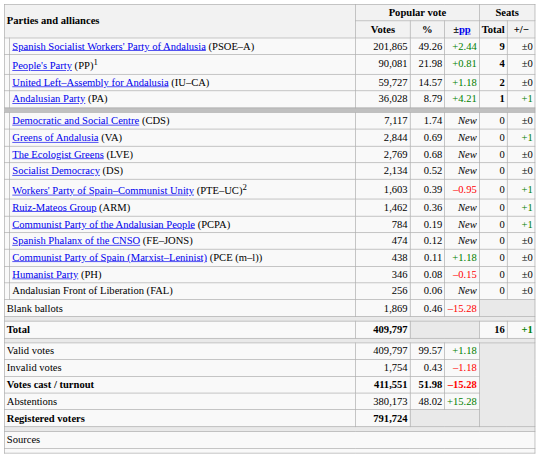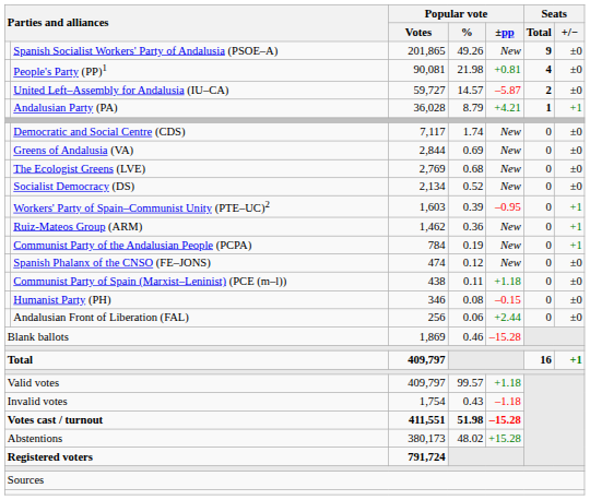 <table class="wikitable" style="text-align:right;">
 <tr>
 <th style="text-align:left;" rowspan="2" colspan="2" width="525">Parties and alliances</th>
 <th colspan="3">Popular vote</th>
 <th colspan="2">Seats</th>
 </tr>
 <tr>
 <th width="75">Votes</th>
 <th width="45">%</th>
 <th width="45">±<a href='#'>pp</a></th>
 <th width="35">Total</th>
 <th width="35">+/−</th>
 </tr>
 <tr>
 <td width="1" style="color:inherit;background:"></td>
 <td align="left"><a href='#'>Spanish Socialist Workers' Party of Andalusia</a> (PSOE–A)</td>
 <td>201,865</td>
 <td>49.26</td>
-<td style="color:green;">+2.44</td>
+<td><em>New</em></td>
 <td><strong>9</strong></td>
 <td>±0</td>
 </tr>
 <tr>
 <td style="color:inherit;background:"></td>
 <td align="left"><a href='#'>People's Party</a> (PP)<sup>1</sup></td>
 <td>90,081</td>
 <td>21.98</td>
 <td style="color:green;">+0.81</td>
 <td><strong>4</strong></td>
 <td>±0</td>
 </tr>
 <tr>
 <td style="color:inherit;background:"></td>
 <td align="left"><a href='#'>United Left–Assembly for Andalusia</a> (IU–CA)</td>
 <td>59,727</td>
 <td>14.57</td>
-<td style="color:green;">+1.18</td>
+<td style="color:red;">–5.87</td>
 <td><strong>2</strong></td>
 <td>±0</td>
 </tr>
 <tr>
 <td style="color:inherit;background:"></td>
 <td align="left"><a href='#'>Andalusian Party</a> (PA)</td>
 <td>36,028</td>
 <td>8.79</td>
 <td style="color:green;">+4.21</td>
 <td><strong>1</strong></td>
 <td style="color:green;">+1</td>
 </tr>
 <tr>
 <td colspan="7" bgcolor="#C0C0C0"></td>
 </tr>
 <tr>
 <td style="color:inherit;background:"></td>
 <td align="left"><a href='#'>Democratic and Social Centre</a> (CDS)</td>
 <td>7,117</td>
 <td>1.74</td>
 <td><em>New</em></td>
 <td>0</td>
 <td>±0</td>
 </tr>
 <tr>
 <td style="color:inherit;background:"></td>
 <td align="left"><a href='#'>Greens of Andalusia</a> (VA)</td>
 <td>2,844</td>
 <td>0.69</td>
 <td><em>New</em></td>
 <td>0</td>
-<td style="color:green;">+1</td>
+<td>±0</td>
 </tr>
 <tr>
 <td style="color:inherit;background:"></td>
 <td align="left"><a href='#'>The Ecologist Greens</a> (LVE)</td>
 <td>2,769</td>
 <td>0.68</td>
 <td><em>New</em></td>
 <td>0</td>
 <td>±0</td>
 </tr>
 <tr>
 <td style="color:inherit;background:"></td>
 <td align="left"><a href='#'>Socialist Democracy</a> (DS)</td>
 <td>2,134</td>
 <td>0.52</td>
 <td><em>New</em></td>
 <td>0</td>
 <td>±0</td>
 </tr>
 <tr>
 <td style="color:inherit;background:"></td>
 <td align="left"><a href='#'>Workers' Party of Spain–Communist Unity</a> (PTE–UC)<sup>2</sup></td>
 <td>1,603</td>
 <td>0.39</td>
 <td style="color:red;">–0.95</td>
 <td>0</td>
 <td style="color:green;">+1</td>
 </tr>
 <tr>
 <td style="color:inherit;background:"></td>
 <td align="left"><a href='#'>Ruiz-Mateos Group</a> (ARM)</td>
 <td>1,462</td>
 <td>0.36</td>
 <td><em>New</em></td>
 <td>0</td>
 <td style="color:green;">+1</td>
 </tr>
 <tr>
 <td style="color:inherit;background:"></td>
 <td align="left"><a href='#'>Communist Party of the Andalusian People</a> (PCPA)</td>
 <td>784</td>
 <td>0.19</td>
 <td><em>New</em></td>
 <td>0</td>
 <td style="color:green;">+1</td>
 </tr>
 <tr>
 <td style="color:inherit;background:"></td>
 <td align="left"><a href='#'>Spanish Phalanx of the CNSO</a> (FE–JONS)</td>
 <td>474</td>
 <td>0.12</td>
 <td><em>New</em></td>
 <td>0</td>
 <td>±0</td>
 </tr>
 <tr>
 <td style="color:inherit;background:"></td>
 <td align="left"><a href='#'>Communist Party of Spain (Marxist–Leninist)</a> (PCE (m–l))</td>
 <td>438</td>
 <td>0.11</td>
 <td style="color:green;">+1.18</td>
 <td>0</td>
 <td>±0</td>
 </tr>
 <tr>
 <td style="color:inherit;background:"></td>
 <td align="left"><a href='#'>Humanist Party</a> (PH)</td>
 <td>346</td>
 <td>0.08</td>
 <td style="color:red;">–0.15</td>
 <td>0</td>
 <td>±0</td>
 </tr>
 <tr>
 <td style="color:inherit;background:"></td>
 <td align="left">Andalusian Front of Liberation (FAL)</td>
 <td>256</td>
 <td>0.06</td>
-<td><em>New</em></td>
+<td style="color:green;">+2.44</td>
 <td>0</td>
 <td>±0</td>
 </tr>
 <tr>
 <td align="left" colspan="2">Blank ballots</td>
 <td>1,869</td>
 <td>0.46</td>
 <td style="color:red;">–15.28</td>
 <td bgcolor="#E9E9E9" colspan="2"></td>
 </tr>
 <tr>
 <td colspan="7" bgcolor="#E9E9E9"></td>
 </tr>
 <tr style="font-weight:bold;">
 <td align="left" colspan="2">Total</td>
 <td>409,797</td>
 <td bgcolor="#E9E9E9" colspan="2"></td>
 <td>16</td>
 <td style="color:green;">+1</td>
 </tr>
 <tr>
 <td colspan="7" bgcolor="#E9E9E9"></td>
 </tr>
 <tr>
 <td align="left" colspan="2">Valid votes</td>
 <td>409,797</td>
 <td>99.57</td>
 <td style="color:green;">+1.18</td>
 <td bgcolor="#E9E9E9" colspan="2" rowspan="5"></td>
 </tr>
 <tr>
 <td align="left" colspan="2">Invalid votes</td>
 <td>1,754</td>
 <td>0.43</td>
 <td style="color:red;">–1.18</td>
 </tr>
 <tr style="font-weight:bold;">
 <td align="left" colspan="2">Votes cast / turnout</td>
 <td>411,551</td>
 <td>51.98</td>
 <td style="color:red;">–15.28</td>
 </tr>
 <tr>
 <td align="left" colspan="2">Abstentions</td>
 <td>380,173</td>
 <td>48.02</td>
 <td style="color:green;">+15.28</td>
 </tr>
 <tr style="font-weight:bold;">
 <td align="left" colspan="2">Registered voters</td>
 <td>791,724</td>
 <td bgcolor="#E9E9E9" colspan="2"></td>
 </tr>
 <tr>
 <td colspan="7" bgcolor="#E9E9E9"></td>
 </tr>
 <tr>
 <td align="left" colspan="7">Sources</td>
 </tr>
 <tr>
 <td colspan="7" style="text-align:left; max-width:790px;"></td>
 </tr>
 </table>
